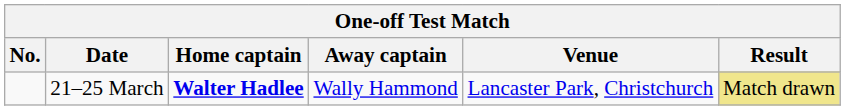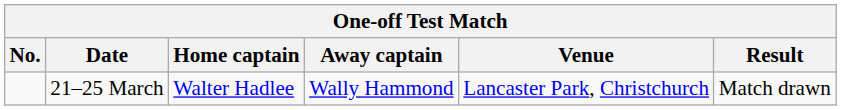 <table class="wikitable">
 <tr>
 <th colspan="9">One-off Test Match</th>
 </tr>
 <tr>
 <th>No.</th>
 <th>Date</th>
 <th>Home captain</th>
 <th>Away captain</th>
 <th>Venue</th>
 <th>Result</th>
 </tr>
 <tr>
 <td></td>
 <td>21–25 March</td>
-<td><strong><a href='#'>Walter Hadlee</a></strong></td>
+<td><a href='#'>Walter Hadlee</a></td>
 <td><a href='#'>Wally Hammond</a></td>
 <td><a href='#'>Lancaster Park</a>, <a href='#'>Christchurch</a></td>
-<td style="background: khaki;">Match drawn</td>
+<td>Match drawn</td>
 </tr>
 </table>
